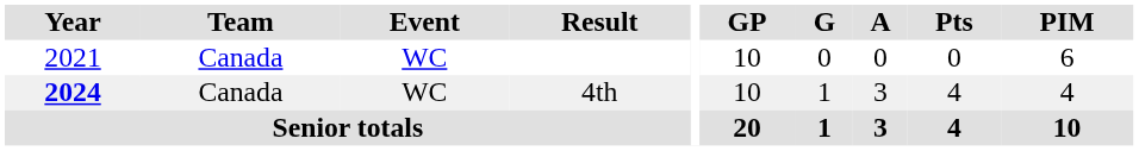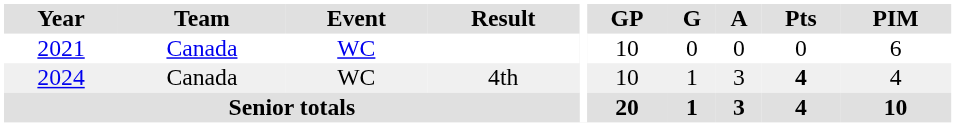 <table border="0" cellpadding="1" cellspacing="0" ID="Table3" style="text-align:center; width:40em">
 <tr ALIGN="center" bgcolor="#e0e0e0">
 <th>Year</th>
 <th>Team</th>
 <th>Event</th>
 <th>Result</th>
 <th rowspan="99" bgcolor="#ffffff"></th>
 <th>GP</th>
 <th>G</th>
 <th>A</th>
 <th>Pts</th>
 <th>PIM</th>
 </tr>
 <tr>
 <td><a href='#'>2021</a></td>
 <td><a href='#'>Canada</a></td>
 <td><a href='#'>WC</a></td>
 <td></td>
 <td>10</td>
 <td>0</td>
 <td>0</td>
 <td>0</td>
 <td>6</td>
 </tr>
 <tr bgcolor="#f0f0f0">
-<td><strong><a href='#'>2024</a></strong></td>
+<td><a href='#'>2024</a></td>
 <td>Canada</td>
 <td>WC</td>
 <td>4th</td>
 <td>10</td>
 <td>1</td>
 <td>3</td>
-<td>4</td>
+<td><strong>4</strong></td>
 <td>4</td>
 </tr>
 <tr bgcolor="#e0e0e0">
 <th colspan="4">Senior totals</th>
 <th>20</th>
 <th>1</th>
 <th>3</th>
 <th>4</th>
 <th>10</th>
 </tr>
 </table>
